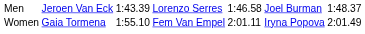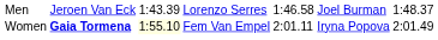 <table>
 <tr>
 <td align="left">Men</td>
 <td> <a href='#'>Jeroen Van Eck</a></td>
 <td>1:43.39</td>
 <td> <a href='#'>Lorenzo Serres</a></td>
 <td>1:46.58</td>
 <td> <a href='#'>Joel Burman</a></td>
 <td>1:48.37</td>
 </tr>
 <tr>
 <td align="left">Women</td>
-<td> <a href='#'>Gaia Tormena</a></td>
-<td>1:55.10</td>
+<td><strong> <a href='#'>Gaia Tormena</a></strong></td>
+<td style="background: lightyellow;">1:55.10</td>
 <td> <a href='#'>Fem Van Empel</a></td>
 <td>2:01.11</td>
 <td> <a href='#'>Iryna Popova</a></td>
 <td>2:01.49</td>
 </tr>
 </table>
